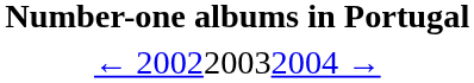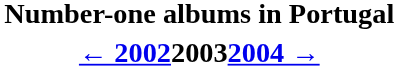 <table class="toc" id="toc" summary="Contents">
 <tr>
 <th>Number-one albums in Portugal</th>
 </tr>
 <tr>
-<td align="center"><a href='#'>← 2002</a>2003<a href='#'>2004 →</a></td>
+<td align="center"><strong><a href='#'>← 2002</a>2003<a href='#'>2004 →</a></strong></td>
 </tr>
 </table>
